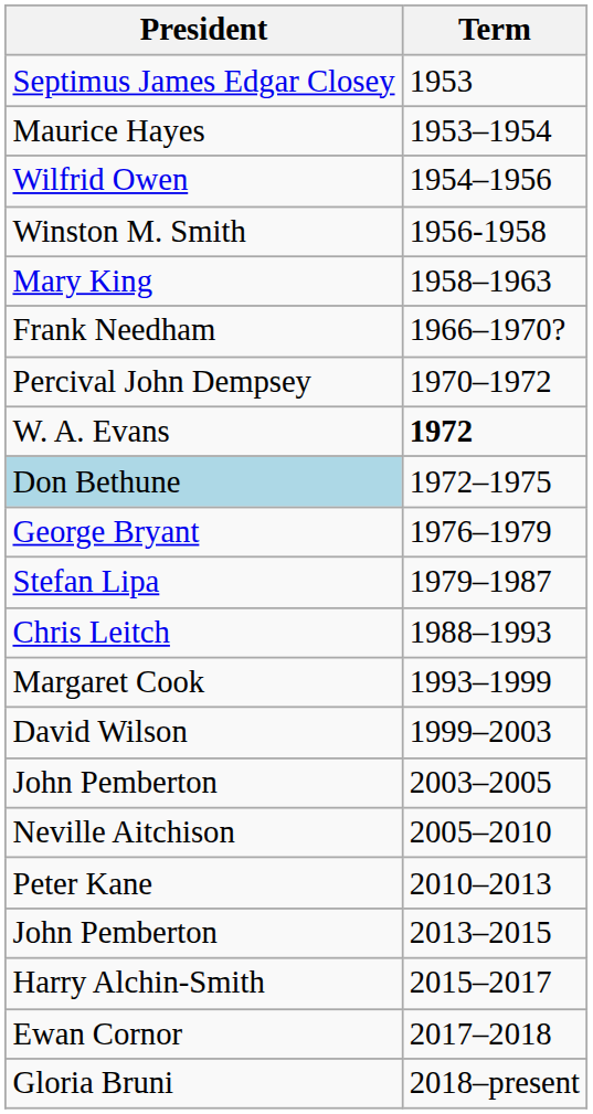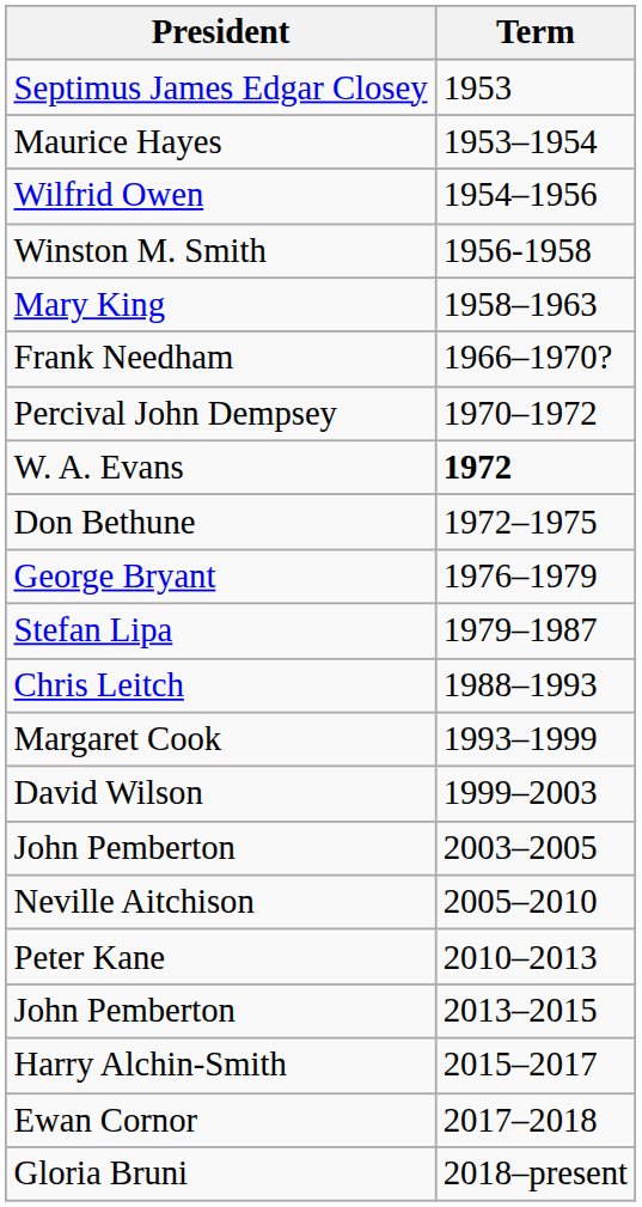 <table class="wikitable"  style="">
 <tr>
 <th>President</th>
 <th>Term</th>
 </tr>
 <tr>
 <td><a href='#'>Septimus James Edgar Closey</a></td>
 <td>1953</td>
 </tr>
 <tr>
 <td>Maurice Hayes</td>
 <td>1953–1954</td>
 </tr>
 <tr>
 <td><a href='#'>Wilfrid Owen</a></td>
 <td>1954–1956</td>
 </tr>
 <tr>
 <td>Winston M. Smith</td>
 <td>1956-1958</td>
 </tr>
 <tr>
 <td><a href='#'>Mary King</a></td>
 <td>1958–1963</td>
 </tr>
 <tr>
 <td>Frank Needham</td>
 <td>1966–1970?</td>
 </tr>
 <tr>
 <td>Percival John Dempsey</td>
 <td>1970–1972</td>
 </tr>
 <tr>
 <td>W. A. Evans</td>
 <td><strong>1972</strong></td>
 </tr>
 <tr>
-<td style="background: lightblue;">Don Bethune</td>
+<td>Don Bethune</td>
 <td>1972–1975</td>
 </tr>
 <tr>
 <td><a href='#'>George Bryant</a></td>
 <td>1976–1979</td>
 </tr>
 <tr>
 <td><a href='#'>Stefan Lipa</a></td>
 <td>1979–1987</td>
 </tr>
 <tr>
 <td><a href='#'>Chris Leitch</a></td>
 <td>1988–1993</td>
 </tr>
 <tr>
 <td>Margaret Cook</td>
 <td>1993–1999</td>
 </tr>
 <tr>
 <td>David Wilson</td>
 <td>1999–2003</td>
 </tr>
 <tr>
 <td>John Pemberton</td>
 <td>2003–2005</td>
 </tr>
 <tr>
 <td>Neville Aitchison</td>
 <td>2005–2010</td>
 </tr>
 <tr>
 <td>Peter Kane</td>
 <td>2010–2013</td>
 </tr>
 <tr>
 <td>John Pemberton</td>
 <td>2013–2015</td>
 </tr>
 <tr>
 <td>Harry Alchin-Smith</td>
 <td>2015–2017</td>
 </tr>
 <tr>
 <td>Ewan Cornor</td>
 <td>2017–2018</td>
 </tr>
 <tr>
 <td>Gloria Bruni</td>
 <td>2018–present</td>
 </tr>
 </table>
